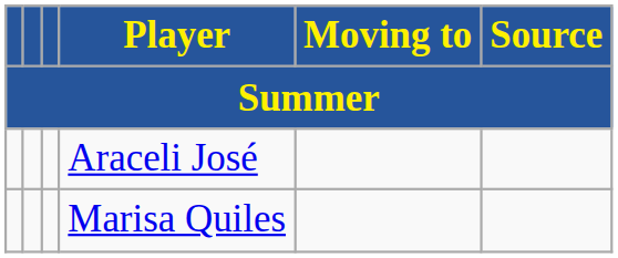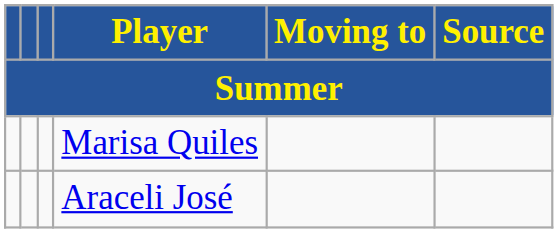 <table class="wikitable plainrowheaders sortable" style="text-align:center">
 <tr>
 <th style="background:#26559B; color:#FFF000; "></th>
 <th style="background:#26559B; color:#FFF000; "></th>
 <th style="background:#26559B; color:#FFF000; "></th>
 <th style="background:#26559B; color:#FFF000; ">Player</th>
 <th style="background:#26559B; color:#FFF000; ">Moving to</th>
 <th style="background:#26559B; color:#FFF000; ">Source</th>
 </tr>
 <tr>
 <th colspan="6" style="background:#26559B; color:#FFF000; ">Summer</th>
 </tr>
 <tr>
 <td></td>
 <td></td>
 <td></td>
-<td align="left"><a href='#'>Araceli José</a></td>
+<td align="left"><a href='#'>Marisa Quiles</a></td>
 <td align="left"></td>
 <td></td>
 </tr>
 <tr>
 <td></td>
 <td></td>
 <td></td>
-<td align="left"><a href='#'>Marisa Quiles</a></td>
+<td align="left"><a href='#'>Araceli José</a></td>
 <td align="left"></td>
 <td></td>
 </tr>
 </table>
